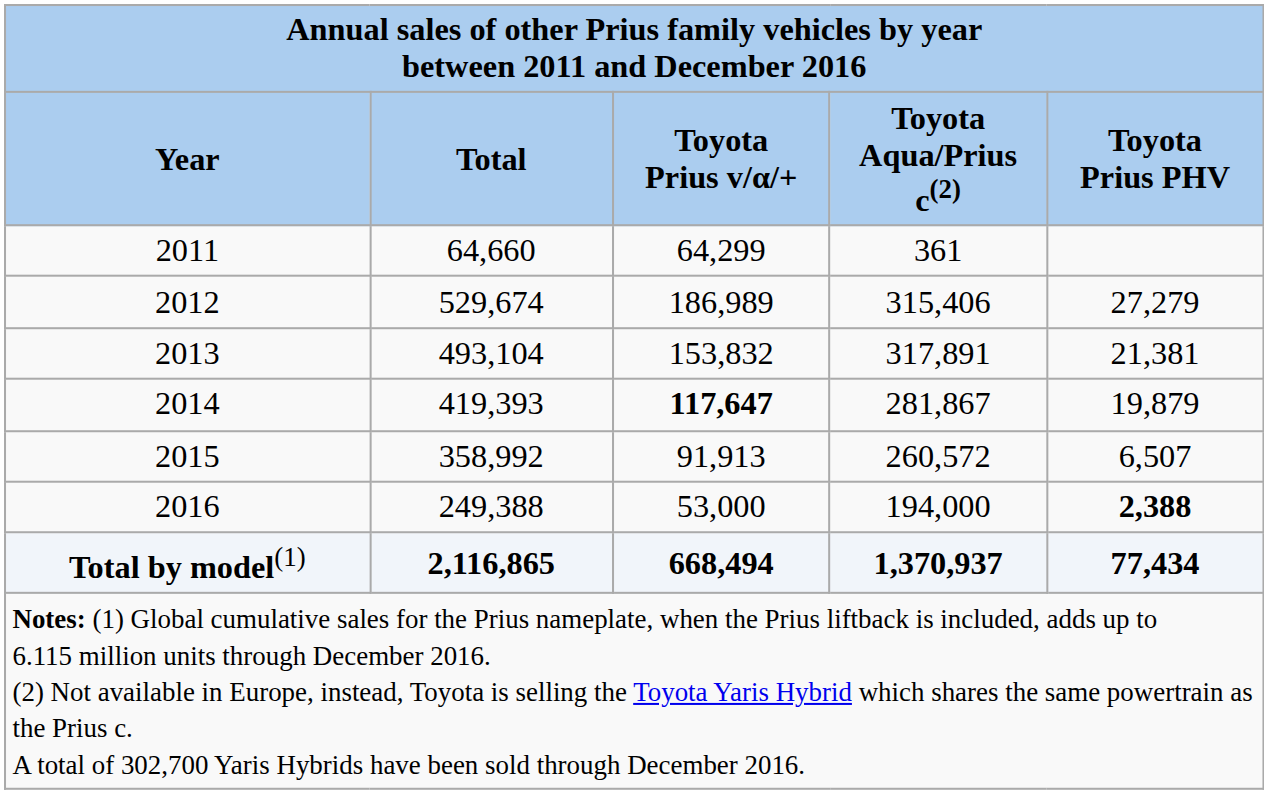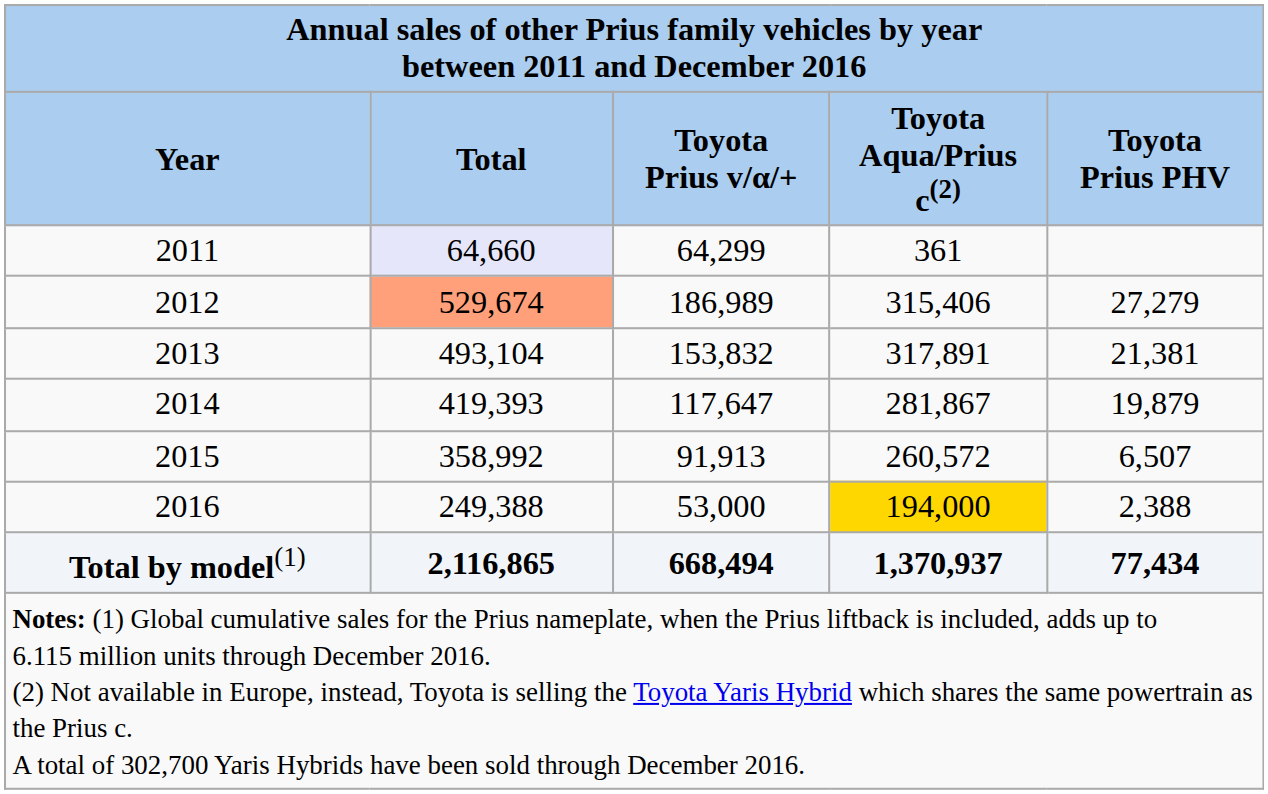 <table class="wikitable" style="margin: 1em auto 1em auto">
 <tr>
 <th colspan="5" style="text-align:center; background:#abcdef;">Annual sales of other Prius family vehicles by year<br> between 2011 and December 2016</th>
 </tr>
 <tr>
 <th style="background:#ABCDEF;">Year</th>
 <th style="background:#ABCDEF;">Total</th>
 <th style="background:#abcdef; width:100px;">Toyota<br>Prius v/α/+</th>
 <th style="background:#abcdef; width:100px;">Toyota<br>Aqua/Prius c<sup>(2)</sup></th>
 <th style="background:#abcdef; width:100px;">Toyota<br>Prius PHV</th>
 </tr>
 <tr align=center>
 <td>2011</td>
-<td>64,660</td>
+<td style="background: lavender;">64,660</td>
 <td>64,299</td>
 <td>361</td>
 <td> </td>
 </tr>
 <tr align=center>
 <td>2012</td>
-<td>529,674</td>
+<td style="background: lightsalmon;">529,674</td>
 <td>186,989</td>
 <td>315,406</td>
 <td>27,279</td>
 </tr>
 <tr align=center>
 <td>2013</td>
 <td>493,104</td>
 <td>153,832</td>
 <td>317,891</td>
 <td>21,381</td>
 </tr>
 <tr align=center>
 <td>2014</td>
 <td>419,393</td>
-<td><strong>117,647</strong></td>
+<td>117,647</td>
 <td>281,867</td>
 <td>19,879</td>
 </tr>
 <tr align=center>
 <td>2015</td>
 <td>358,992</td>
 <td>91,913</td>
 <td>260,572</td>
 <td>6,507</td>
 </tr>
 <tr align=center>
 <td>2016</td>
 <td>249,388</td>
 <td>53,000</td>
-<td>194,000</td>
-<td><strong>2,388</strong></td>
+<td style="background: gold;">194,000</td>
+<td>2,388</td>
 </tr>
 <tr align=center>
 <td style="background:#f1f5fa;"><strong>Total by model</strong><sup>(1)</sup></td>
 <td style="background:#f1f5fa;"><strong>2,116,865</strong></td>
 <td style="background:#f1f5fa;"><strong>668,494</strong></td>
 <td style="background:#f1f5fa;"><strong>1,370,937</strong></td>
 <td style="background:#f1f5fa;"><strong>77,434</strong><br></td>
 </tr>
 <tr align=left>
 <td colspan="5"><small><strong>Notes:</strong> (1) Global cumulative sales for the Prius nameplate, when the Prius liftback is included, adds up to 6.115 million units through December 2016.<br> (2) Not available in Europe, instead, Toyota is selling the <a href='#'>Toyota Yaris Hybrid</a> which shares the same powertrain as the Prius c.<br> A total of 302,700 Yaris Hybrids have been sold through December 2016.</small></td>
 </tr>
 </table>
